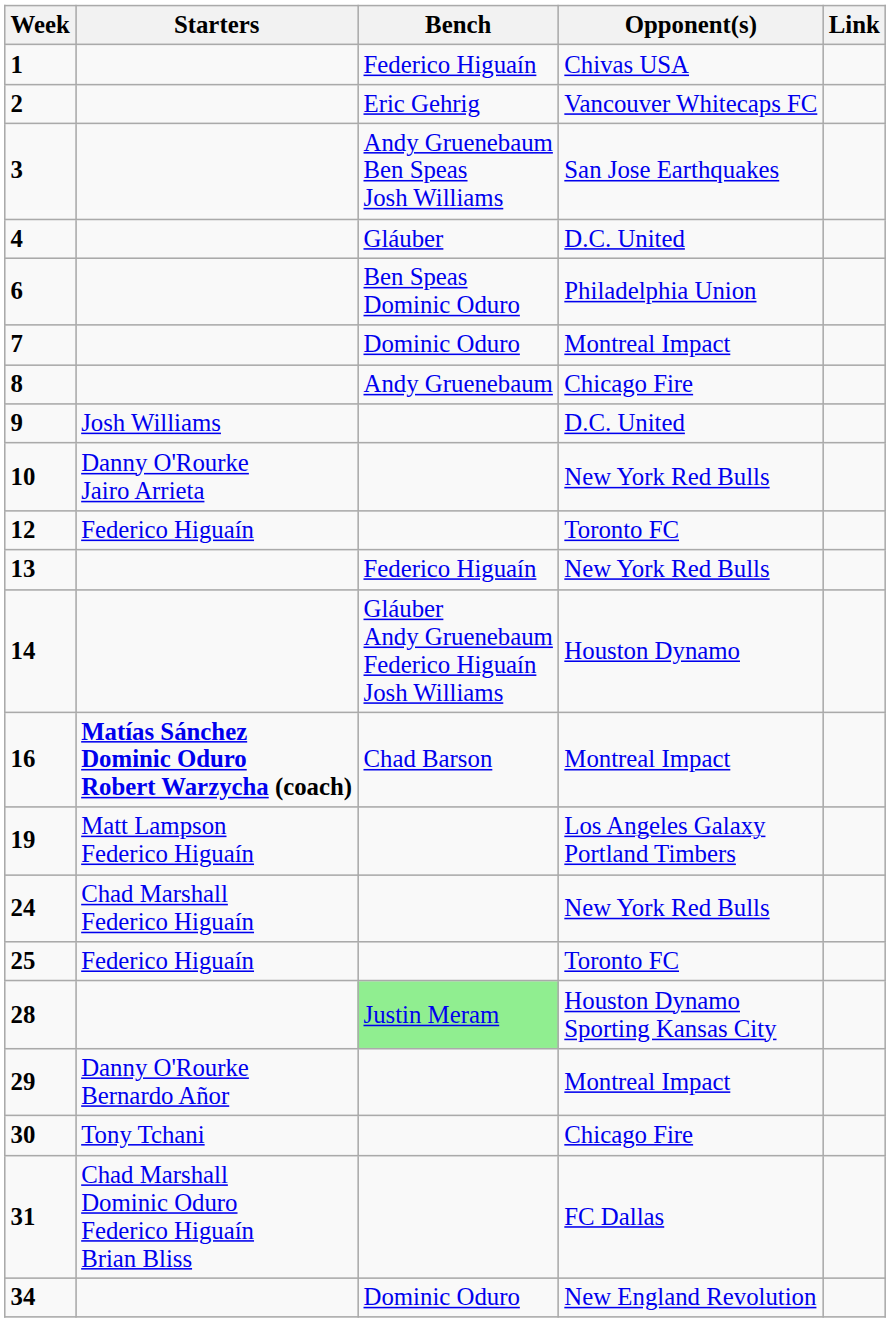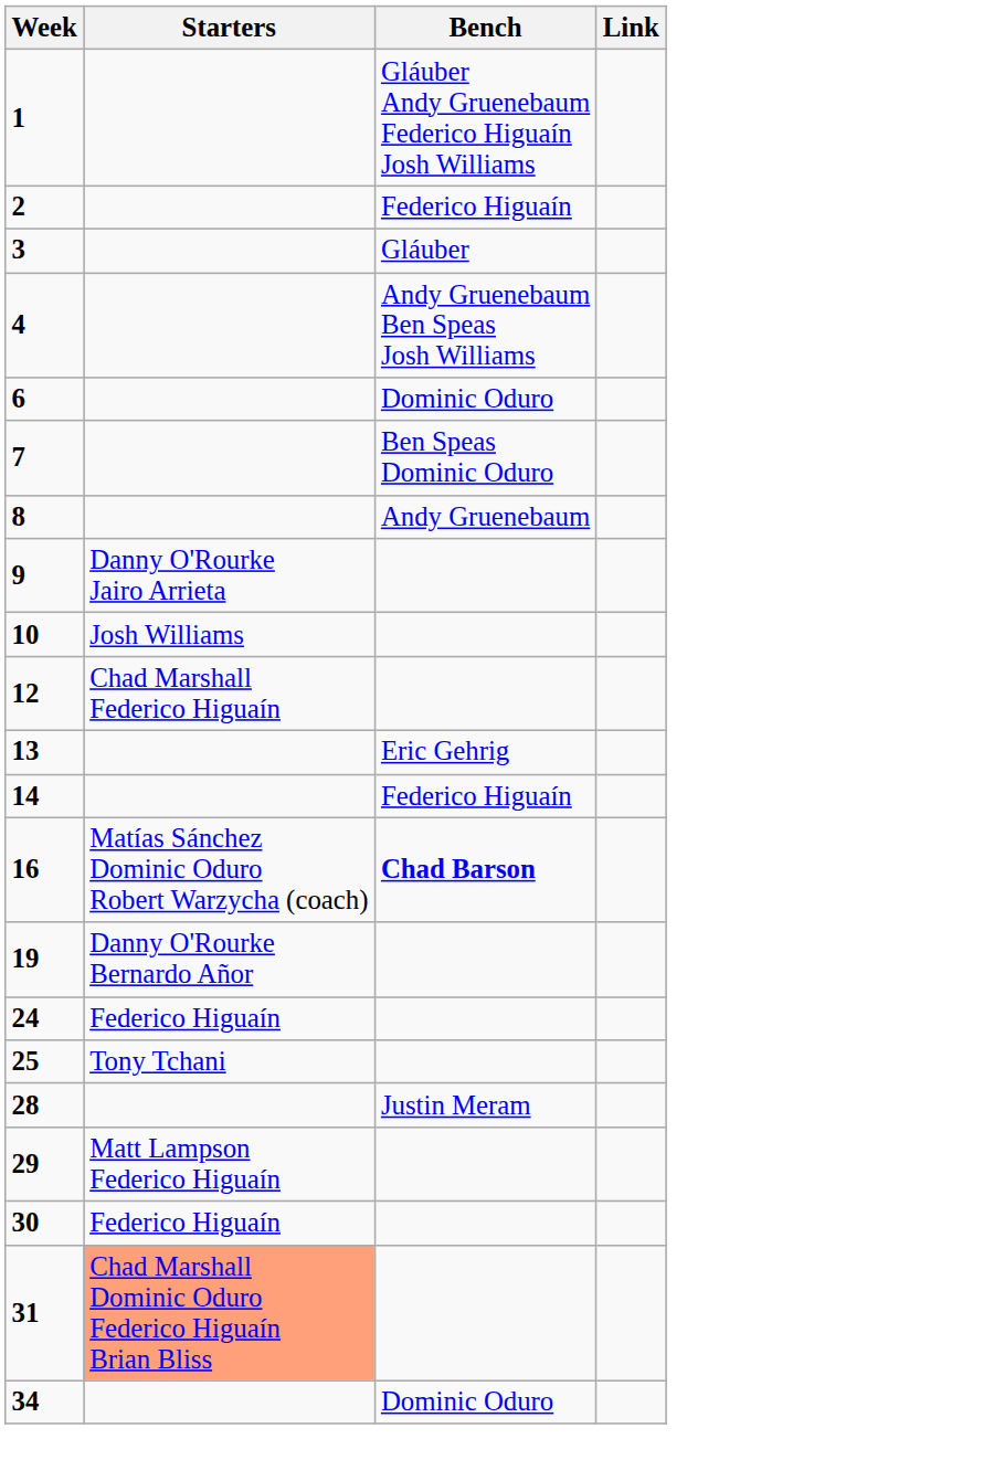 <table class=wikitable style="display:inline-table;">
 <tr>
 <th>Week</th>
 <th>Starters</th>
 <th>Bench</th>
-<th>Opponent(s)</th>
 <th>Link</th>
 </tr>
 <tr>
 <td><strong>1</strong></td>
 <td></td>
-<td> <a href='#'>Federico Higuaín</a></td>
-<td> <a href='#'>Chivas USA</a></td>
+<td> <a href='#'>Gláuber</a><br> <a href='#'>Andy Gruenebaum</a><br> <a href='#'>Federico Higuaín</a><br> <a href='#'>Josh Williams</a></td>
 <td></td>
 </tr>
 <tr>
 <td><strong>2</strong></td>
 <td></td>
-<td> <a href='#'>Eric Gehrig</a></td>
-<td> <a href='#'>Vancouver Whitecaps FC</a></td>
+<td> <a href='#'>Federico Higuaín</a></td>
 <td></td>
 </tr>
 <tr>
 <td><strong>3</strong></td>
 <td></td>
-<td> <a href='#'>Andy Gruenebaum</a><br> <a href='#'>Ben Speas</a><br> <a href='#'>Josh Williams</a></td>
-<td> <a href='#'>San Jose Earthquakes</a></td>
+<td> <a href='#'>Gláuber</a></td>
 <td></td>
 </tr>
 <tr>
 <td><strong>4</strong></td>
 <td></td>
-<td> <a href='#'>Gláuber</a></td>
-<td> <a href='#'>D.C. United</a></td>
+<td> <a href='#'>Andy Gruenebaum</a><br> <a href='#'>Ben Speas</a><br> <a href='#'>Josh Williams</a></td>
 <td></td>
 </tr>
 <tr>
 <td><strong>6</strong></td>
 <td></td>
-<td> <a href='#'>Ben Speas</a><br> <a href='#'>Dominic Oduro</a></td>
-<td> <a href='#'>Philadelphia Union</a></td>
+<td> <a href='#'>Dominic Oduro</a></td>
 <td></td>
 </tr>
 <tr>
 <td><strong>7</strong></td>
 <td></td>
-<td> <a href='#'>Dominic Oduro</a></td>
-<td> <a href='#'>Montreal Impact</a></td>
+<td> <a href='#'>Ben Speas</a><br> <a href='#'>Dominic Oduro</a></td>
 <td></td>
 </tr>
 <tr>
 <td><strong>8</strong></td>
 <td></td>
 <td> <a href='#'>Andy Gruenebaum</a></td>
-<td> <a href='#'>Chicago Fire</a></td>
 <td></td>
 </tr>
 <tr>
 <td><strong>9</strong></td>
-<td> <a href='#'>Josh Williams</a></td>
+<td> <a href='#'>Danny O'Rourke</a><br> <a href='#'>Jairo Arrieta</a></td>
 <td></td>
-<td> <a href='#'>D.C. United</a></td>
 <td></td>
 </tr>
 <tr>
 <td><strong>10</strong></td>
-<td> <a href='#'>Danny O'Rourke</a><br> <a href='#'>Jairo Arrieta</a></td>
+<td> <a href='#'>Josh Williams</a></td>
 <td></td>
-<td> <a href='#'>New York Red Bulls</a></td>
 <td></td>
 </tr>
 <tr>
 <td><strong>12</strong></td>
-<td> <a href='#'>Federico Higuaín</a></td>
+<td> <a href='#'>Chad Marshall</a><br> <a href='#'>Federico Higuaín</a></td>
 <td></td>
-<td> <a href='#'>Toronto FC</a></td>
 <td></td>
 </tr>
 <tr>
 <td><strong>13</strong></td>
 <td></td>
-<td> <a href='#'>Federico Higuaín</a></td>
-<td> <a href='#'>New York Red Bulls</a></td>
+<td> <a href='#'>Eric Gehrig</a></td>
 <td></td>
 </tr>
 <tr>
 <td><strong>14</strong></td>
 <td></td>
-<td> <a href='#'>Gláuber</a><br> <a href='#'>Andy Gruenebaum</a><br> <a href='#'>Federico Higuaín</a><br> <a href='#'>Josh Williams</a></td>
-<td> <a href='#'>Houston Dynamo</a></td>
+<td> <a href='#'>Federico Higuaín</a></td>
 <td></td>
 </tr>
 <tr>
 <td><strong>16</strong></td>
-<td><strong> <a href='#'>Matías Sánchez</a><br> <a href='#'>Dominic Oduro</a><br> <a href='#'>Robert Warzycha</a> (coach)</strong></td>
-<td> <a href='#'>Chad Barson</a></td>
-<td> <a href='#'>Montreal Impact</a></td>
+<td> <a href='#'>Matías Sánchez</a><br> <a href='#'>Dominic Oduro</a><br> <a href='#'>Robert Warzycha</a> (coach)</td>
+<td><strong> <a href='#'>Chad Barson</a></strong></td>
 <td></td>
 </tr>
 <tr>
 <td><strong>19</strong></td>
-<td> <a href='#'>Matt Lampson</a><br> <a href='#'>Federico Higuaín</a></td>
+<td> <a href='#'>Danny O'Rourke</a><br> <a href='#'>Bernardo Añor</a></td>
 <td></td>
-<td> <a href='#'>Los Angeles Galaxy</a><br> <a href='#'>Portland Timbers</a></td>
 <td></td>
 </tr>
 <tr>
 <td><strong>24</strong></td>
-<td> <a href='#'>Chad Marshall</a><br> <a href='#'>Federico Higuaín</a></td>
+<td> <a href='#'>Federico Higuaín</a></td>
 <td></td>
-<td> <a href='#'>New York Red Bulls</a></td>
 <td></td>
 </tr>
 <tr>
 <td><strong>25</strong></td>
-<td> <a href='#'>Federico Higuaín</a></td>
+<td> <a href='#'>Tony Tchani</a></td>
 <td></td>
-<td> <a href='#'>Toronto FC</a></td>
 <td></td>
 </tr>
 <tr>
 <td><strong>28</strong></td>
 <td></td>
-<td style="background: lightgreen;"> <a href='#'>Justin Meram</a></td>
-<td> <a href='#'>Houston Dynamo</a><br> <a href='#'>Sporting Kansas City</a></td>
+<td> <a href='#'>Justin Meram</a></td>
 <td></td>
 </tr>
 <tr>
 <td><strong>29</strong></td>
-<td> <a href='#'>Danny O'Rourke</a><br> <a href='#'>Bernardo Añor</a></td>
+<td> <a href='#'>Matt Lampson</a><br> <a href='#'>Federico Higuaín</a></td>
 <td></td>
-<td> <a href='#'>Montreal Impact</a></td>
 <td></td>
 </tr>
 <tr>
 <td><strong>30</strong></td>
-<td> <a href='#'>Tony Tchani</a></td>
+<td> <a href='#'>Federico Higuaín</a></td>
 <td></td>
-<td> <a href='#'>Chicago Fire</a></td>
 <td></td>
 </tr>
 <tr>
 <td><strong>31</strong></td>
-<td> <a href='#'>Chad Marshall</a><br> <a href='#'>Dominic Oduro</a><br> <a href='#'>Federico Higuaín</a><br> <a href='#'>Brian Bliss</a></td>
+<td style="background: lightsalmon;"> <a href='#'>Chad Marshall</a><br> <a href='#'>Dominic Oduro</a><br> <a href='#'>Federico Higuaín</a><br> <a href='#'>Brian Bliss</a></td>
 <td></td>
-<td> <a href='#'>FC Dallas</a></td>
 <td></td>
 </tr>
 <tr>
 <td><strong>34</strong></td>
 <td></td>
 <td> <a href='#'>Dominic Oduro</a></td>
-<td> <a href='#'>New England Revolution</a></td>
 <td></td>
 </tr>
 </table>
